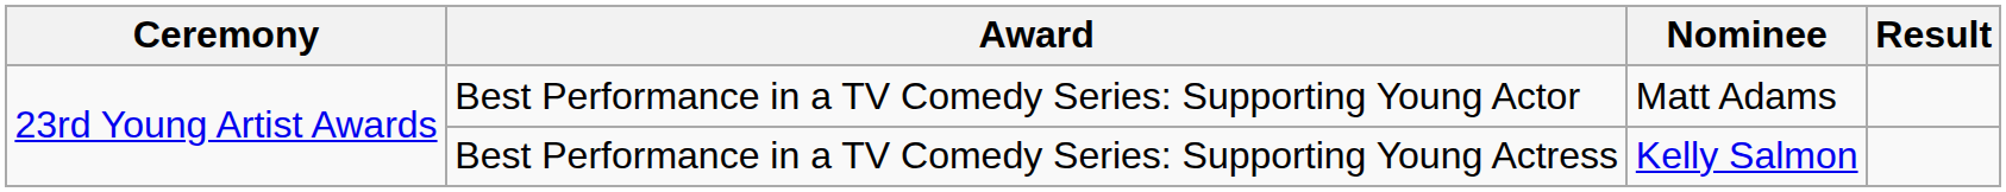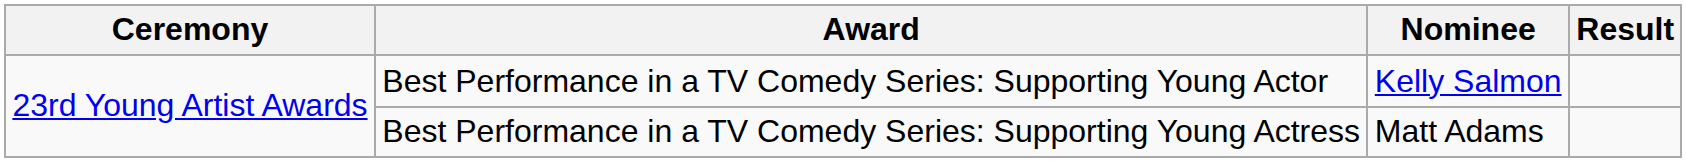 <table class="wikitable">
 <tr>
 <th>Ceremony</th>
 <th>Award</th>
 <th>Nominee</th>
 <th>Result</th>
 </tr>
 <tr>
 <td rowspan=2><a href='#'>23rd Young Artist Awards</a></td>
 <td>Best Performance in a TV Comedy Series: Supporting Young Actor</td>
-<td>Matt Adams</td>
+<td><a href='#'>Kelly Salmon</a></td>
 <td></td>
 </tr>
 <tr>
 <td>Best Performance in a TV Comedy Series: Supporting Young Actress</td>
-<td><a href='#'>Kelly Salmon</a></td>
+<td>Matt Adams</td>
 <td></td>
 </tr>
 </table>
